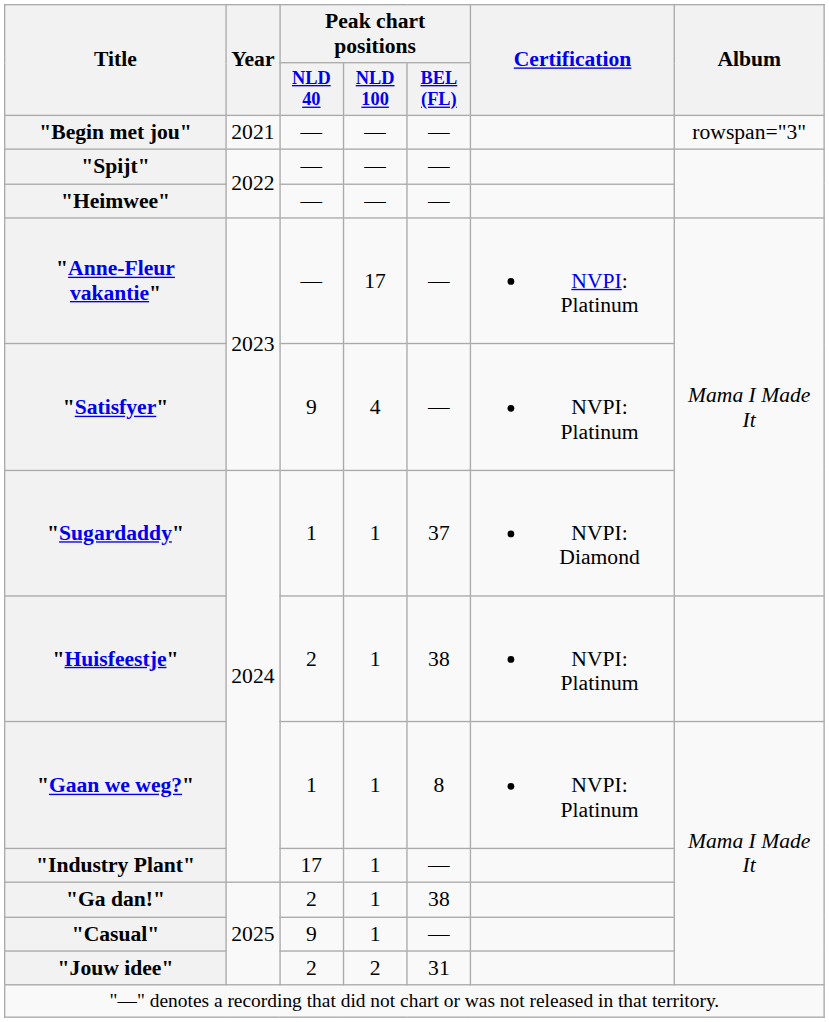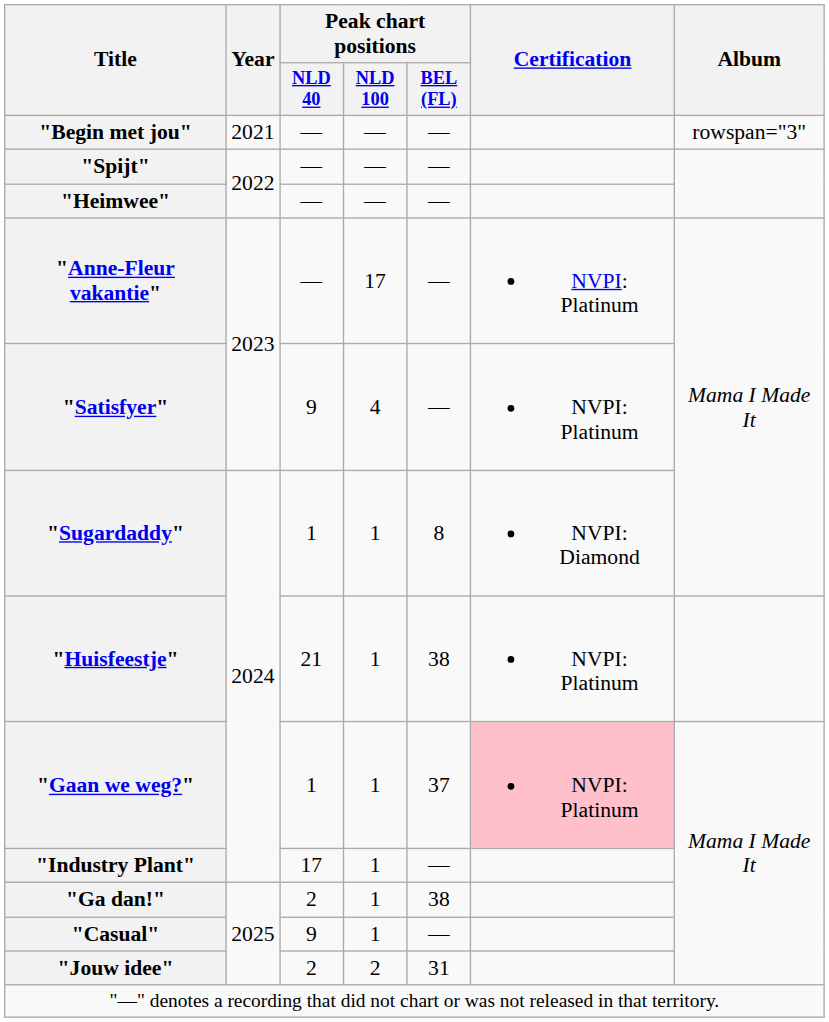 <table class="wikitable plainrowheaders" style="text-align:center">
 <tr>
 <th scope="col" rowspan="2">Title</th>
 <th scope="col" rowspan="2">Year</th>
 <th scope="col" colspan="3">Peak chart positions</th>
 <th scope="col" rowspan="2"><a href='#'>Certification</a></th>
 <th scope="col" rowspan="2">Album</th>
 </tr>
 <tr>
 <th scope="col" style="width:3em; font-size:85%"><a href='#'>NLD<br>40</a><br></th>
 <th scope="col" style="width:3em; font-size:85%"><a href='#'>NLD<br>100</a><br></th>
 <th scope="col" style="width:3em; font-size:85%"><a href='#'>BEL<br>(FL)</a><br></th>
 </tr>
 <tr>
 <th scope="row">"Begin met jou"</th>
 <td>2021</td>
 <td>—</td>
 <td>—</td>
 <td>—</td>
 <td></td>
 <td>rowspan="3" </td>
 </tr>
 <tr>
 <th scope="row">"Spijt"</th>
 <td rowspan="2">2022</td>
 <td>—</td>
 <td>—</td>
 <td>—</td>
 <td></td>
 </tr>
 <tr>
 <th scope="row">"Heimwee"</th>
 <td>—</td>
 <td>—</td>
 <td>—</td>
 <td></td>
 </tr>
 <tr>
 <th scope="row">"<a href='#'>Anne-Fleur vakantie</a>"</th>
 <td rowspan="2">2023</td>
 <td>—</td>
 <td>17</td>
 <td>—</td>
 <td><br><ul><li><a href='#'>NVPI</a>: Platinum</li></ul></td>
 <td rowspan="3"><em>Mama I Made It</em></td>
 </tr>
 <tr>
 <th scope="row">"<a href='#'>Satisfyer</a>"</th>
 <td>9</td>
 <td>4</td>
 <td>—</td>
 <td><br><ul><li>NVPI: Platinum</li></ul></td>
 </tr>
 <tr>
 <th scope="row">"<a href='#'>Sugardaddy</a>"</th>
 <td rowspan="4">2024</td>
 <td>1</td>
 <td>1</td>
-<td>37</td>
+<td>8</td>
 <td><br><ul><li>NVPI: Diamond</li></ul></td>
 </tr>
 <tr>
 <th scope="row">"<a href='#'>Huisfeestje</a>"<br></th>
-<td>2</td>
+<td>21</td>
 <td>1</td>
 <td>38</td>
 <td><br><ul><li>NVPI: Platinum</li></ul></td>
 <td></td>
 </tr>
 <tr>
 <th scope="row">"<a href='#'>Gaan we weg?</a>"<br></th>
 <td>1</td>
 <td>1</td>
-<td>8</td>
-<td><br><ul><li>NVPI: Platinum</li></ul></td>
+<td>37</td>
+<td style="background: pink;"><br><ul><li>NVPI: Platinum</li></ul></td>
 <td rowspan="5"><em>Mama I Made It</em></td>
 </tr>
 <tr>
 <th scope="row">"Industry Plant"</th>
 <td>17</td>
 <td>1</td>
 <td>—</td>
 <td></td>
 </tr>
 <tr>
 <th scope="row">"Ga dan!"</th>
 <td rowspan="3">2025</td>
 <td>2</td>
 <td>1</td>
 <td>38</td>
 <td></td>
 </tr>
 <tr>
 <th scope="row">"Casual"</th>
 <td>9</td>
 <td>1</td>
 <td>—</td>
 <td></td>
 </tr>
 <tr>
 <th scope="row">"Jouw idee"</th>
 <td>2</td>
 <td>2</td>
 <td>31</td>
 <td></td>
 </tr>
 <tr>
 <td colspan="10" style="font-size:90%">"—" denotes a recording that did not chart or was not released in that territory.</td>
 </tr>
 </table>
